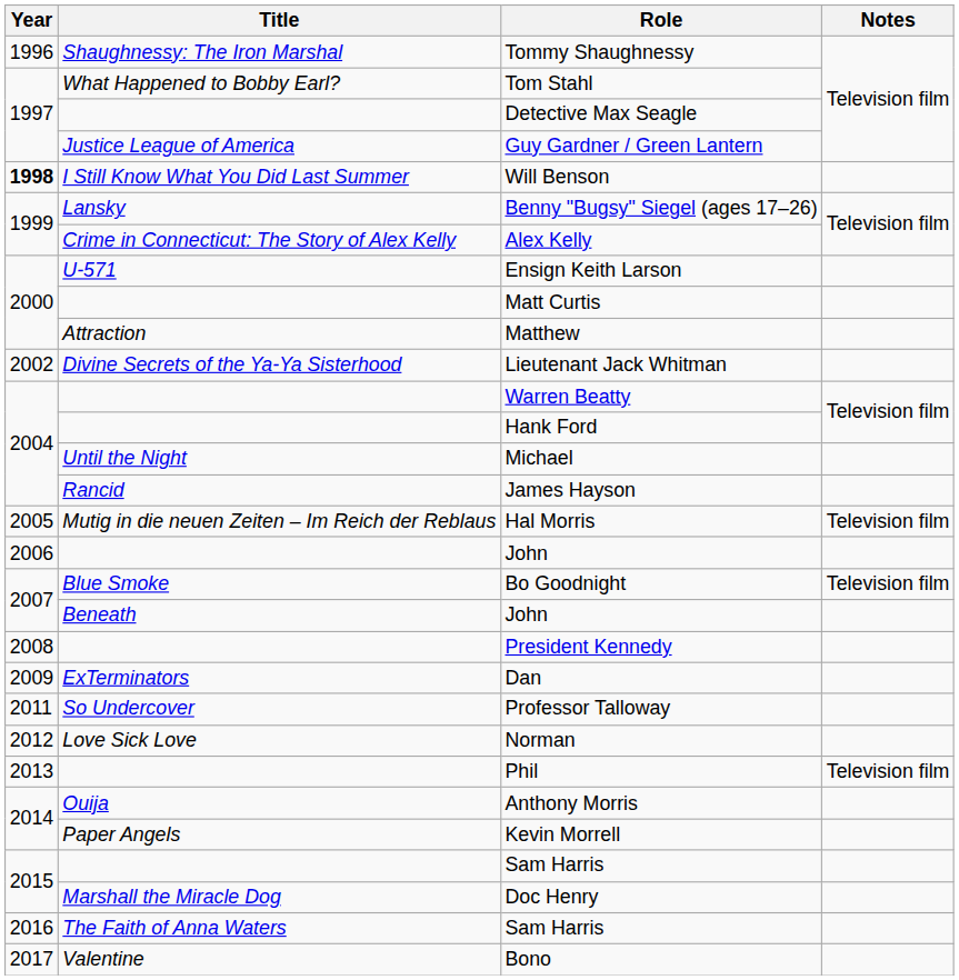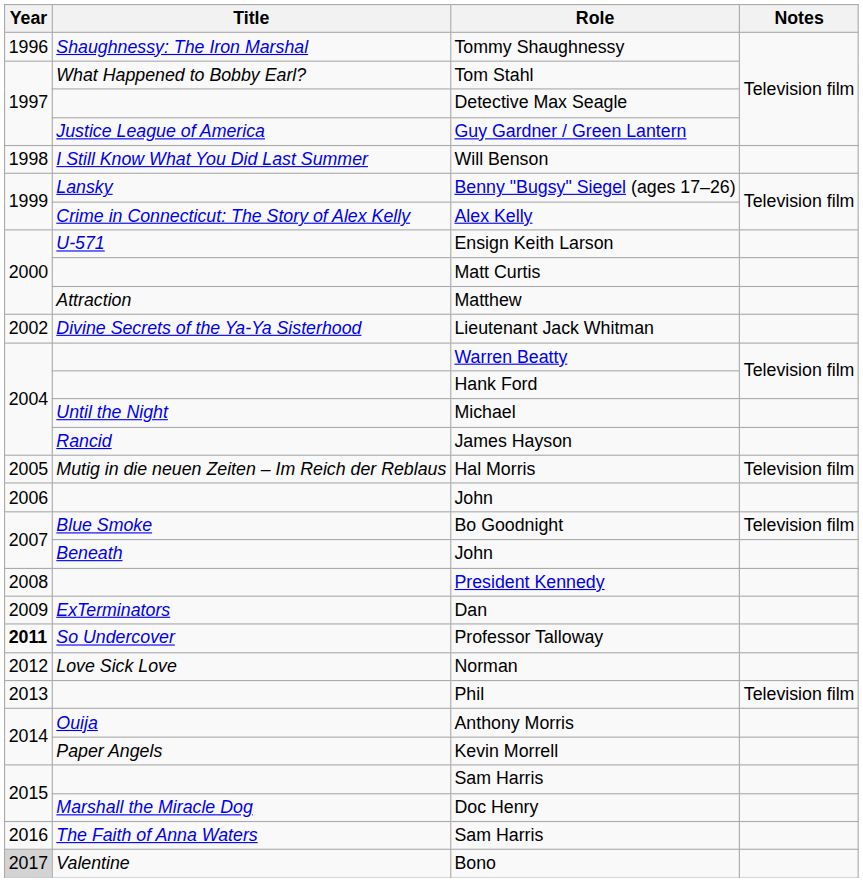 <table class="wikitable sortable">
 <tr>
 <th>Year</th>
 <th>Title</th>
 <th>Role</th>
 <th class="unsortable">Notes</th>
 </tr>
 <tr>
 <td>1996</td>
 <td><em><a href='#'>Shaughnessy: The Iron Marshal</a></em></td>
 <td>Tommy Shaughnessy</td>
 <td rowspan="4">Television film</td>
 </tr>
 <tr>
 <td rowspan="3">1997</td>
 <td><em>What Happened to Bobby Earl?</em></td>
 <td>Tom Stahl</td>
 </tr>
 <tr>
 <td><em></em></td>
 <td>Detective Max Seagle</td>
 </tr>
 <tr>
 <td><em><a href='#'>Justice League of America</a></em></td>
 <td><a href='#'>Guy Gardner / Green Lantern</a></td>
 </tr>
 <tr>
-<td><strong>1998</strong></td>
+<td>1998</td>
 <td><em><a href='#'>I Still Know What You Did Last Summer</a></em></td>
 <td>Will Benson</td>
 <td></td>
 </tr>
 <tr>
 <td rowspan="2">1999</td>
 <td><em><a href='#'>Lansky</a></em></td>
 <td><a href='#'>Benny "Bugsy" Siegel</a> (ages 17–26)</td>
 <td rowspan="2">Television film</td>
 </tr>
 <tr>
 <td><em><a href='#'>Crime in Connecticut: The Story of Alex Kelly</a></em></td>
 <td><a href='#'>Alex Kelly</a></td>
 </tr>
 <tr>
 <td rowspan="3">2000</td>
 <td><em><a href='#'>U-571</a></em></td>
 <td>Ensign Keith Larson</td>
 <td></td>
 </tr>
 <tr>
 <td><em></em></td>
 <td>Matt Curtis</td>
 <td></td>
 </tr>
 <tr>
 <td><em>Attraction</em></td>
 <td>Matthew</td>
 <td></td>
 </tr>
 <tr>
 <td>2002</td>
 <td><em><a href='#'>Divine Secrets of the Ya-Ya Sisterhood</a></em></td>
 <td>Lieutenant Jack Whitman</td>
 <td></td>
 </tr>
 <tr>
 <td rowspan="4">2004</td>
 <td><em></em></td>
 <td><a href='#'>Warren Beatty</a></td>
 <td rowspan="2">Television film</td>
 </tr>
 <tr>
 <td><em></em></td>
 <td>Hank Ford</td>
 </tr>
 <tr>
 <td><em><a href='#'>Until the Night</a></em></td>
 <td>Michael</td>
 <td></td>
 </tr>
 <tr>
 <td><em><a href='#'>Rancid</a></em></td>
 <td>James Hayson</td>
 <td></td>
 </tr>
 <tr>
 <td>2005</td>
 <td><em>Mutig in die neuen Zeiten – Im Reich der Reblaus</em></td>
 <td>Hal Morris</td>
 <td>Television film</td>
 </tr>
 <tr>
 <td>2006</td>
 <td><em></em></td>
 <td>John</td>
 <td></td>
 </tr>
 <tr>
 <td rowspan="2">2007</td>
 <td><em><a href='#'>Blue Smoke</a></em></td>
 <td>Bo Goodnight</td>
 <td>Television film</td>
 </tr>
 <tr>
 <td><em><a href='#'>Beneath</a></em></td>
 <td>John</td>
 <td></td>
 </tr>
 <tr>
 <td>2008</td>
 <td><em></em></td>
 <td><a href='#'>President Kennedy</a></td>
 <td></td>
 </tr>
 <tr>
 <td>2009</td>
 <td><em><a href='#'>ExTerminators</a></em></td>
 <td>Dan</td>
 <td></td>
 </tr>
 <tr>
-<td>2011</td>
+<td><strong>2011</strong></td>
 <td><em><a href='#'>So Undercover</a></em></td>
 <td>Professor Talloway</td>
 <td></td>
 </tr>
 <tr>
 <td>2012</td>
 <td><em>Love Sick Love</em></td>
 <td>Norman</td>
 <td></td>
 </tr>
 <tr>
 <td>2013</td>
 <td><em></em></td>
 <td>Phil</td>
 <td>Television film</td>
 </tr>
 <tr>
 <td rowspan="2">2014</td>
 <td><em><a href='#'>Ouija</a></em></td>
 <td>Anthony Morris</td>
 <td></td>
 </tr>
 <tr>
 <td><em>Paper Angels</em></td>
 <td>Kevin Morrell</td>
 <td></td>
 </tr>
 <tr>
 <td rowspan="2">2015</td>
 <td><em></em></td>
 <td>Sam Harris</td>
 <td></td>
 </tr>
 <tr>
 <td><em><a href='#'>Marshall the Miracle Dog</a></em></td>
 <td>Doc Henry</td>
 <td></td>
 </tr>
 <tr>
 <td>2016</td>
 <td><em><a href='#'>The Faith of Anna Waters</a></em></td>
 <td>Sam Harris</td>
 <td></td>
 </tr>
 <tr>
-<td>2017</td>
+<td style="background: lightgrey;">2017</td>
 <td><em>Valentine</em></td>
 <td>Bono</td>
 <td></td>
 </tr>
 </table>
